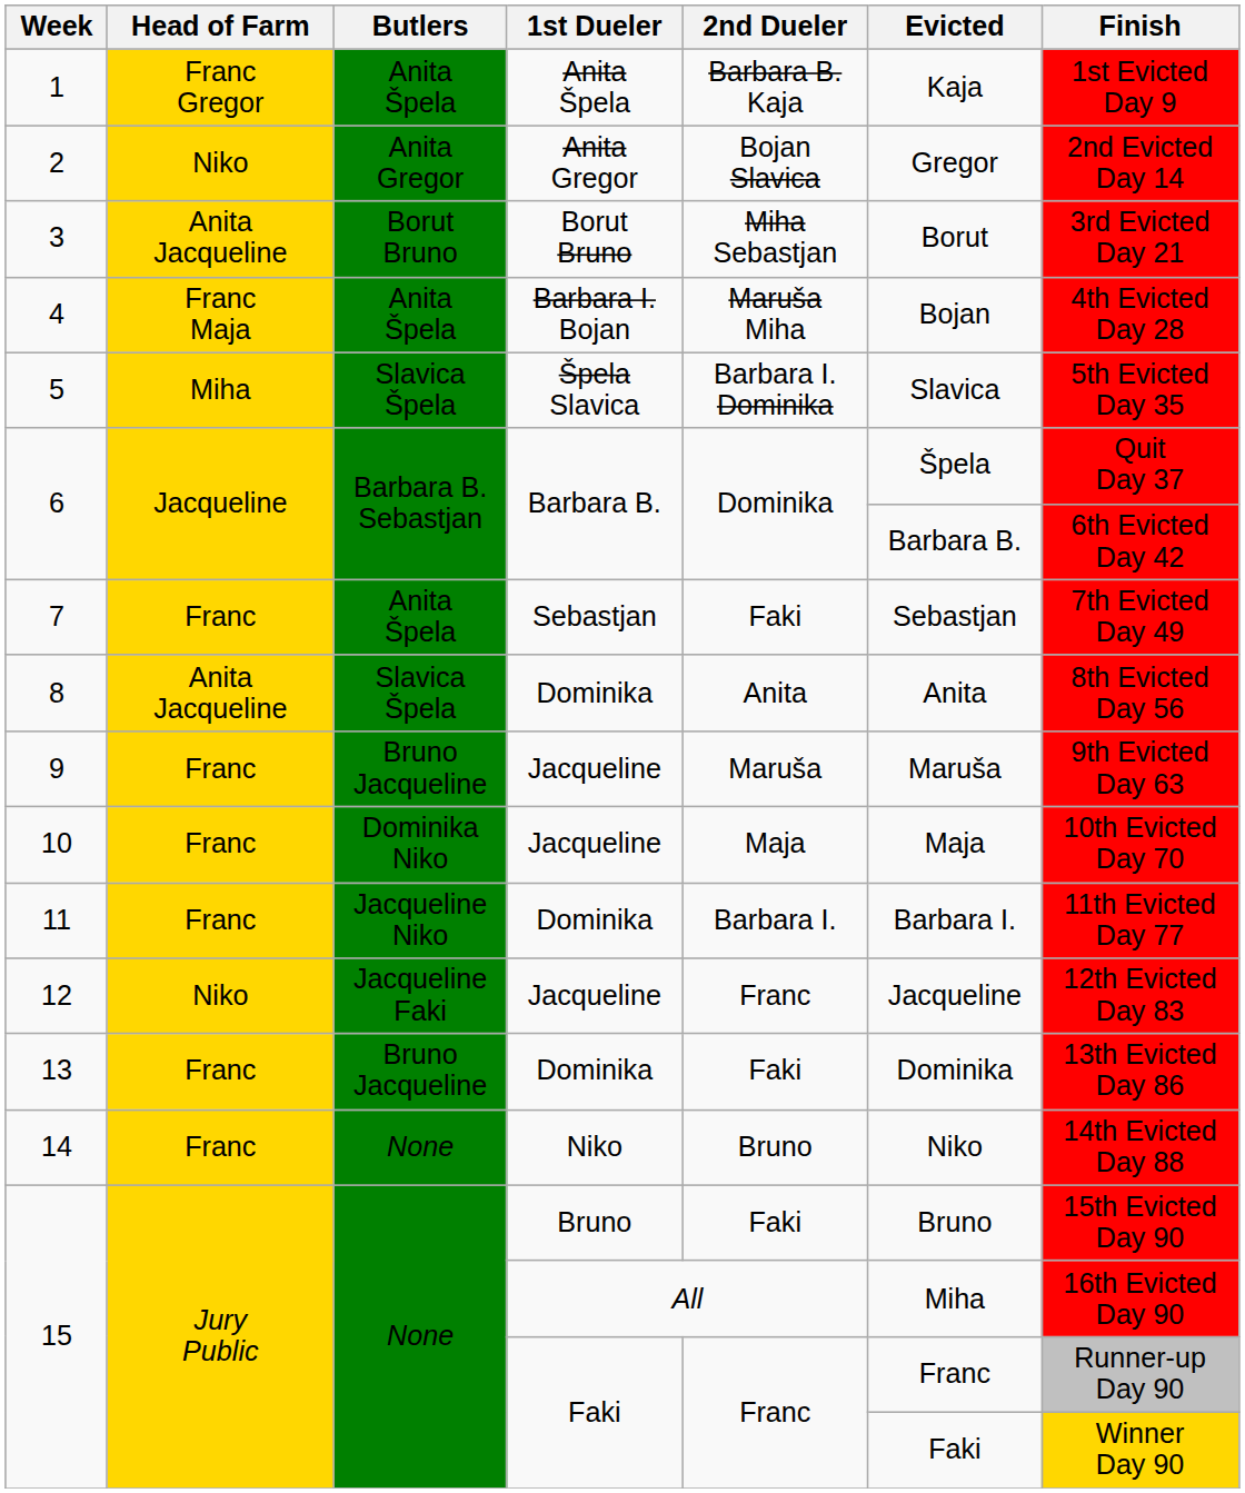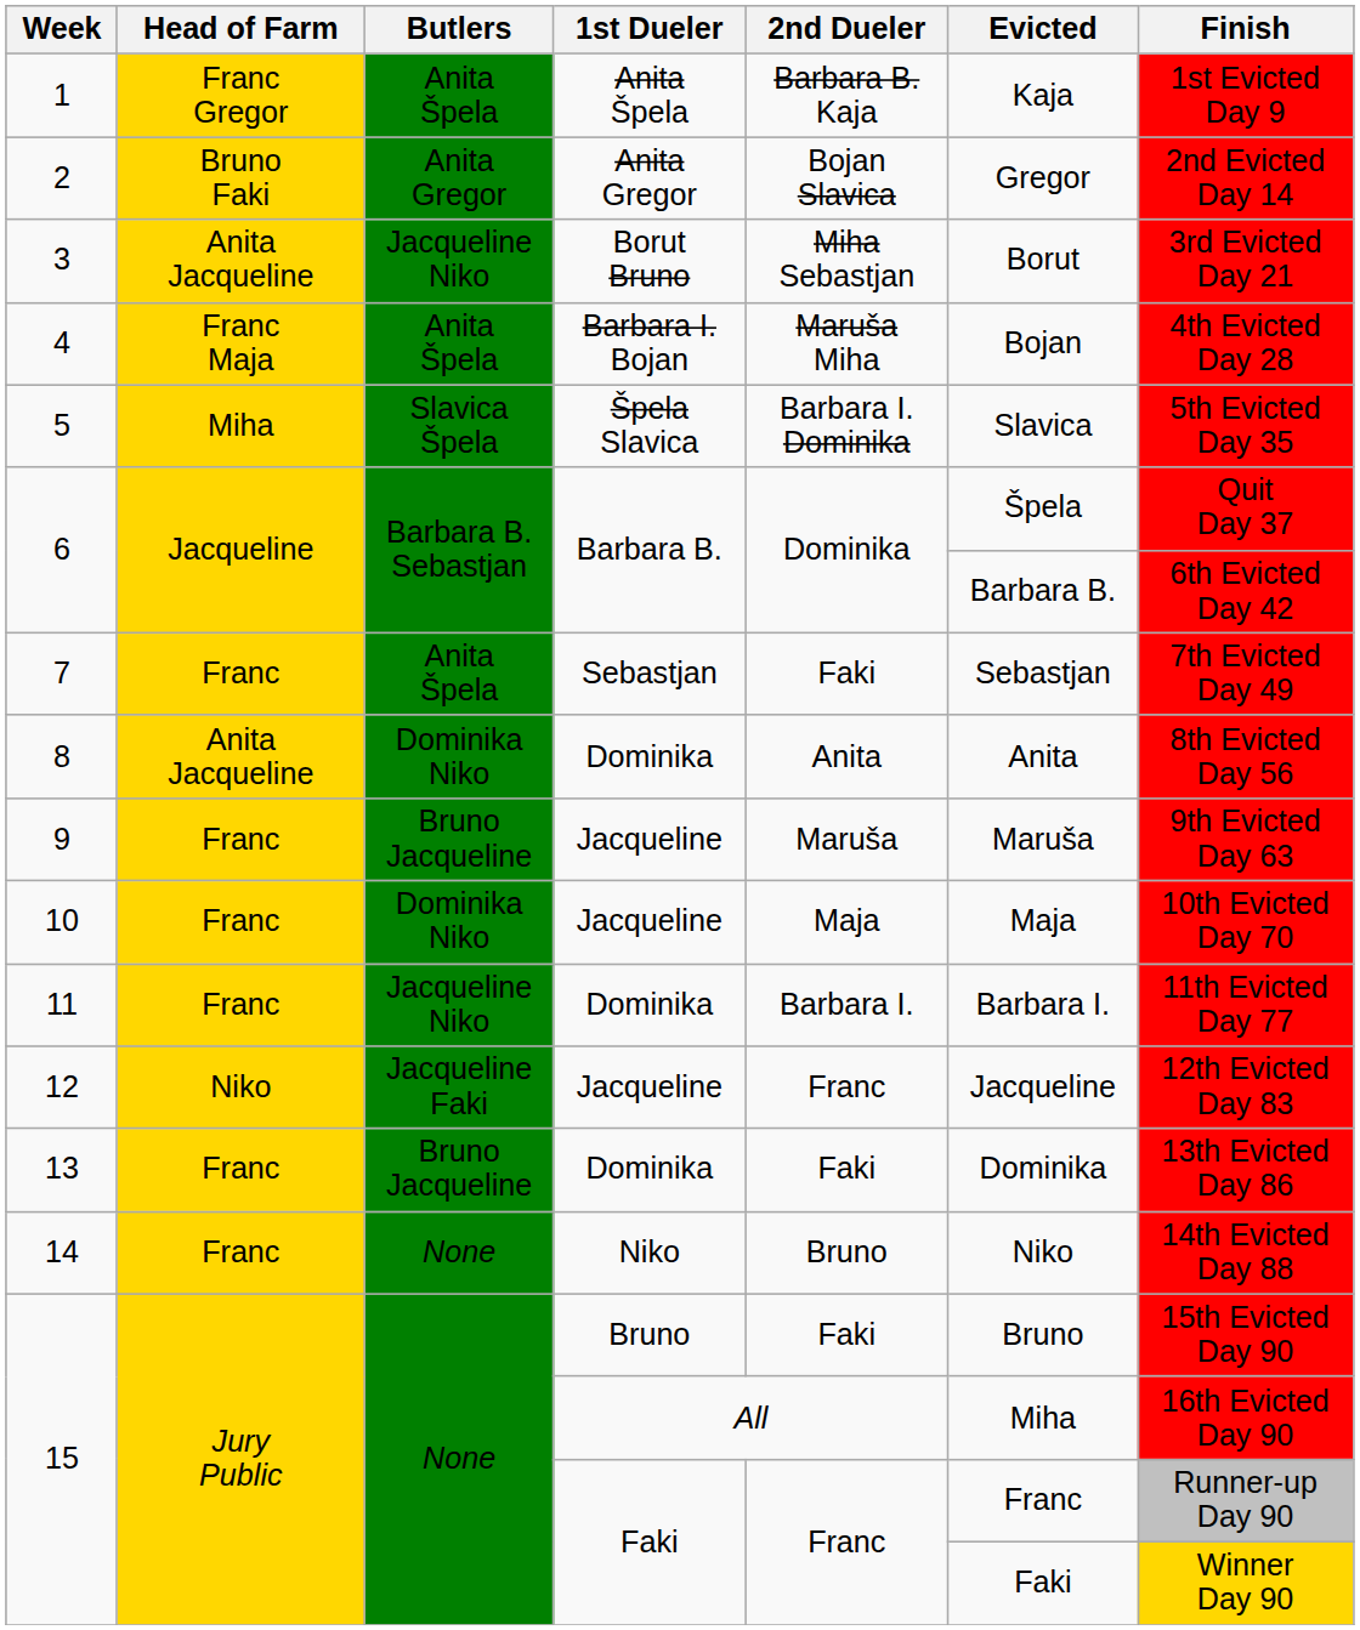 <table class="wikitable" style="font-size:100%; text-align:center; width: 80%; margin-left: auto; margin-right: auto;">
 <tr>
 <th>Week</th>
 <th>Head of Farm</th>
 <th>Butlers</th>
 <th>1st Dueler</th>
 <th>2nd Dueler</th>
 <th>Evicted</th>
 <th>Finish</th>
 </tr>
 <tr>
 <td>1</td>
 <td style="background:gold;">Franc<br>Gregor</td>
 <td style="background:green;">Anita<br>Špela</td>
 <td><s>Anita</s><br>Špela</td>
 <td><s>Barbara B.</s><br>Kaja</td>
 <td>Kaja</td>
 <td style="background:#ff0000">1st Evicted<br>Day 9</td>
 </tr>
 <tr>
 <td>2</td>
-<td style="background:gold;">Niko</td>
+<td style="background:gold;">Bruno<br>Faki</td>
 <td style="background:green;">Anita<br>Gregor</td>
 <td><s>Anita</s><br>Gregor</td>
 <td>Bojan<br><s>Slavica</s></td>
 <td>Gregor</td>
 <td style="background:#ff0000">2nd Evicted<br>Day 14</td>
 </tr>
 <tr>
 <td>3</td>
 <td style="background:gold;">Anita<br>Jacqueline</td>
-<td style="background:green;">Borut<br>Bruno</td>
+<td style="background:green;">Jacqueline<br>Niko</td>
 <td>Borut<s><br>Bruno</s></td>
 <td><s>Miha</s><br>Sebastjan</td>
 <td>Borut</td>
 <td style="background:#ff0000">3rd Evicted<br>Day 21</td>
 </tr>
 <tr>
 <td>4</td>
 <td style="background:gold;">Franc<br>Maja</td>
 <td style="background:green;">Anita<br>Špela</td>
 <td><s>Barbara I.</s><br>Bojan</td>
 <td><s>Maruša</s><br>Miha</td>
 <td>Bojan</td>
 <td style="background:#ff0000">4th Evicted<br>Day 28</td>
 </tr>
 <tr>
 <td>5</td>
 <td style="background:gold;">Miha</td>
 <td style="background:green;">Slavica<br>Špela</td>
 <td><s>Špela</s><br>Slavica</td>
 <td>Barbara I.<br><s>Dominika</s></td>
 <td>Slavica</td>
 <td style="background:#ff0000">5th Evicted<br>Day 35</td>
 </tr>
 <tr>
 <td rowspan="2">6</td>
 <td rowspan="2" style="background:gold;">Jacqueline</td>
 <td rowspan="2" style="background:green;">Barbara B.<br>Sebastjan</td>
 <td rowspan="2">Barbara B.</td>
 <td rowspan="2">Dominika</td>
 <td rowspan="1">Špela</td>
 <td rowspan="1" style="background:#ff0000">Quit<br>Day 37</td>
 </tr>
 <tr>
 <td rowspan="1">Barbara B.</td>
 <td rowspan="1" style="background:#ff0000">6th Evicted<br>Day 42</td>
 </tr>
 <tr>
 <td>7</td>
 <td style="background:gold;">Franc</td>
 <td style="background:green;">Anita<br>Špela</td>
 <td>Sebastjan</td>
 <td>Faki</td>
 <td>Sebastjan</td>
 <td style="background:#ff0000">7th Evicted<br>Day 49</td>
 </tr>
 <tr>
 <td>8</td>
 <td style="background:gold;">Anita<br>Jacqueline</td>
-<td style="background:green;">Slavica<br>Špela</td>
+<td style="background:green;">Dominika<br>Niko</td>
 <td>Dominika</td>
 <td>Anita</td>
 <td>Anita</td>
 <td style="background:#ff0000">8th Evicted<br>Day 56</td>
 </tr>
 <tr>
 <td>9</td>
 <td style="background:gold;">Franc</td>
 <td style="background:green;">Bruno<br>Jacqueline</td>
 <td>Jacqueline</td>
 <td>Maruša</td>
 <td>Maruša</td>
 <td style="background:#ff0000">9th Evicted<br>Day 63</td>
 </tr>
 <tr>
 <td>10</td>
 <td style="background:gold;">Franc</td>
 <td style="background:green;">Dominika<br>Niko</td>
 <td>Jacqueline</td>
 <td>Maja</td>
 <td>Maja</td>
 <td style="background:#ff0000">10th Evicted<br>Day 70</td>
 </tr>
 <tr>
 <td>11</td>
 <td style="background:gold;">Franc</td>
 <td style="background:green;">Jacqueline<br>Niko</td>
 <td>Dominika</td>
 <td>Barbara I.</td>
 <td>Barbara I.</td>
 <td style="background:#ff0000">11th Evicted<br>Day 77</td>
 </tr>
 <tr>
 <td>12</td>
 <td style="background:gold;">Niko</td>
 <td style="background:green;">Jacqueline<br>Faki</td>
 <td>Jacqueline</td>
 <td>Franc</td>
 <td>Jacqueline</td>
 <td style="background:#ff0000">12th Evicted<br>Day 83</td>
 </tr>
 <tr>
 <td>13</td>
 <td style="background:gold;">Franc</td>
 <td style="background:green;">Bruno<br>Jacqueline</td>
 <td>Dominika</td>
 <td>Faki</td>
 <td>Dominika</td>
 <td style="background:#ff0000">13th Evicted<br>Day 86</td>
 </tr>
 <tr>
 <td>14</td>
 <td style="background:gold;">Franc</td>
 <td style="background:green;"><em>None</em></td>
 <td>Niko</td>
 <td>Bruno</td>
 <td>Niko</td>
 <td style="background:#ff0000">14th Evicted<br>Day 88</td>
 </tr>
 <tr>
 <td rowspan="4">15</td>
 <td rowspan="4" style=background:gold;><em>Jury</em><br><em>Public</em></td>
 <td rowspan="4" style="background:green;"><em>None</em></td>
 <td rowspan="1">Bruno</td>
 <td rowspan="1">Faki</td>
 <td rowspan="1">Bruno</td>
 <td rowspan="1" style="background:#ff0000">15th Evicted<br>Day 90</td>
 </tr>
 <tr>
 <td colspan="2"><em>All</em></td>
 <td rowspan="1">Miha</td>
 <td rowspan="1" style="background:#ff0000;">16th Evicted<br>Day 90</td>
 </tr>
 <tr>
 <td rowspan="2">Faki</td>
 <td rowspan="2">Franc</td>
 <td rowspan="1">Franc</td>
 <td rowspan="1" style="background:silver;">Runner-up<br>Day 90</td>
 </tr>
 <tr>
 <td rowspan="1">Faki</td>
 <td rowspan="1" style="background:gold;">Winner<br>Day 90</td>
 </tr>
 <tr>
 </tr>
 </table>
